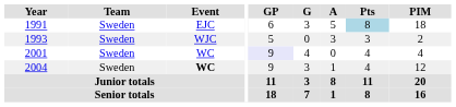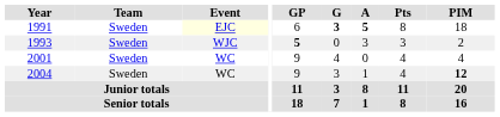 <table border="0" cellpadding="1" cellspacing="0" ID="Table3" style="text-align:center; width:40em">
 <tr bgcolor="#e0e0e0">
 <th>Year</th>
 <th>Team</th>
 <th>Event</th>
 <th rowspan="102" bgcolor="#ffffff"></th>
 <th>GP</th>
 <th>G</th>
 <th>A</th>
 <th>Pts</th>
 <th>PIM</th>
 </tr>
 <tr>
 <td><a href='#'>1991</a></td>
 <td><a href='#'>Sweden</a></td>
-<td><a href='#'>EJC</a></td>
+<td style="background: lightyellow;"><a href='#'>EJC</a></td>
 <td>6</td>
-<td>3</td>
-<td>5</td>
-<td style="background: lightblue;">8</td>
+<td><strong>3</strong></td>
+<td><strong>5</strong></td>
+<td>8</td>
 <td>18</td>
 </tr>
 <tr bgcolor="#f0f0f0">
 <td><a href='#'>1993</a></td>
 <td><a href='#'>Sweden</a></td>
 <td><a href='#'>WJC</a></td>
-<td>5</td>
+<td><strong>5</strong></td>
 <td>0</td>
 <td>3</td>
 <td>3</td>
 <td>2</td>
 </tr>
 <tr>
 <td><a href='#'>2001</a></td>
 <td><a href='#'>Sweden</a></td>
 <td><a href='#'>WC</a></td>
-<td style="background: lavender;">9</td>
+<td>9</td>
 <td>4</td>
 <td>0</td>
 <td>4</td>
 <td>4</td>
 </tr>
 <tr bgcolor="#f0f0f0">
 <td><a href='#'>2004</a></td>
 <td>Sweden</td>
-<td><strong>WC</strong></td>
+<td>WC</td>
 <td>9</td>
 <td>3</td>
 <td>1</td>
 <td>4</td>
-<td>12</td>
+<td><strong>12</strong></td>
 </tr>
 <tr bgcolor="#e0e0e0">
 <th colspan="3">Junior totals</th>
 <th>11</th>
 <th>3</th>
 <th>8</th>
 <th>11</th>
 <th>20</th>
 </tr>
 <tr bgcolor="#e0e0e0">
 <th colspan="3">Senior totals</th>
 <th>18</th>
 <th>7</th>
 <th>1</th>
 <th>8</th>
 <th>16</th>
 </tr>
 </table>
